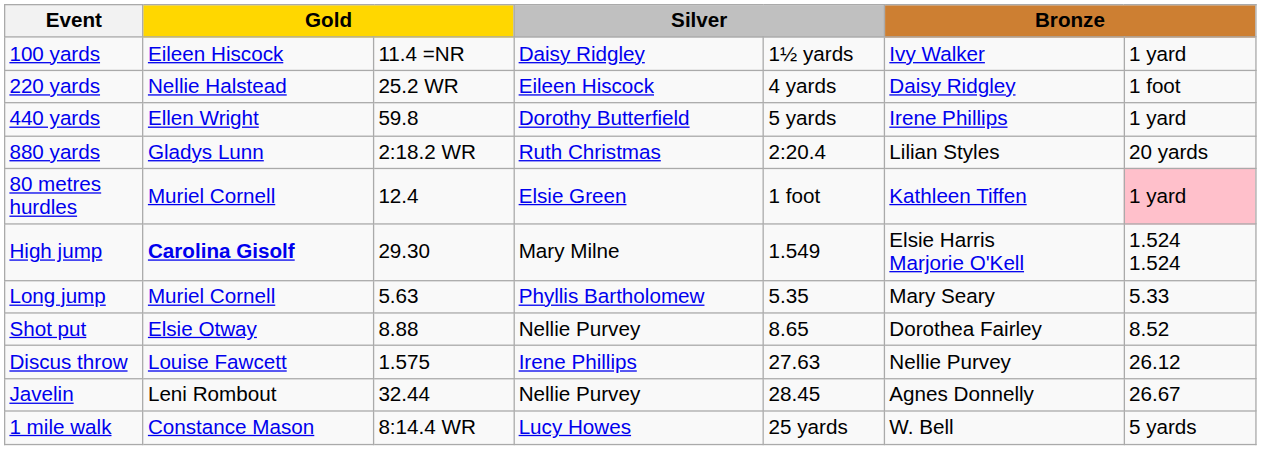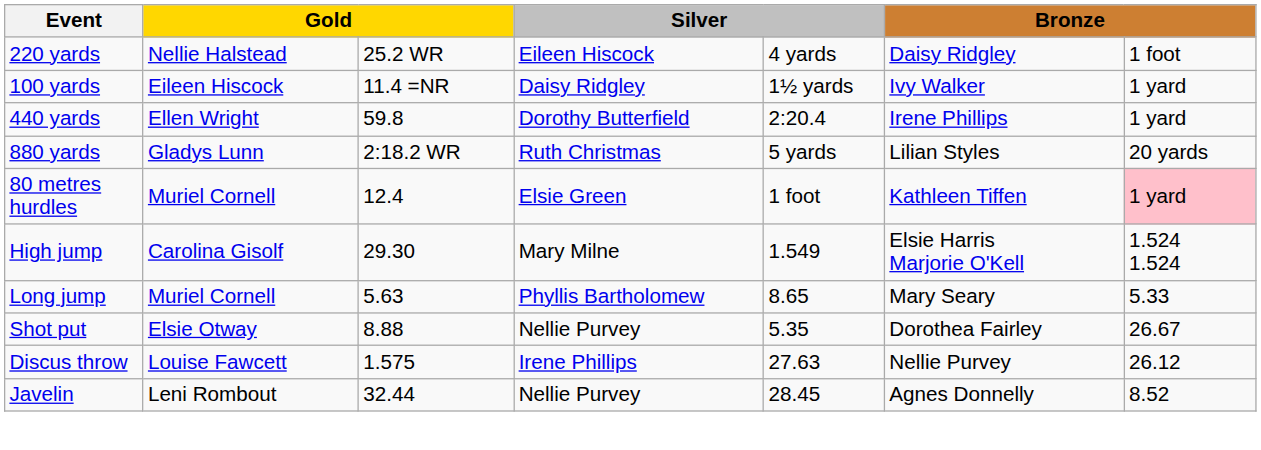 <table class="wikitable" style="text-align:left">
 <tr>
 <th width=100>Event</th>
 <th colspan="2" width="280" style="background:gold;">Gold</th>
 <th colspan="2" width="280" style="background:silver;">Silver</th>
 <th colspan="2" width="280" style="background:#CD7F32;">Bronze</th>
+</tr>
+<tr>
+<td><a href='#'>220 yards</a></td>
+<td><a href='#'>Nellie Halstead</a></td>
+<td>25.2 WR</td>
+<td><a href='#'>Eileen Hiscock</a></td>
+<td>4 yards</td>
+<td><a href='#'>Daisy Ridgley</a></td>
+<td>1 foot</td>
 </tr>
 <tr>
 <td><a href='#'>100 yards</a></td>
 <td><a href='#'>Eileen Hiscock</a></td>
 <td>11.4 =NR</td>
 <td><a href='#'>Daisy Ridgley</a></td>
 <td>1½ yards</td>
 <td><a href='#'>Ivy Walker</a></td>
 <td>1 yard</td>
 </tr>
 <tr>
-<td><a href='#'>220 yards</a></td>
-<td><a href='#'>Nellie Halstead</a></td>
-<td>25.2 WR</td>
-<td><a href='#'>Eileen Hiscock</a></td>
-<td>4 yards</td>
-<td><a href='#'>Daisy Ridgley</a></td>
-<td>1 foot</td>
-</tr>
-<tr>
 <td><a href='#'>440 yards</a></td>
 <td><a href='#'>Ellen Wright</a></td>
 <td>59.8</td>
 <td><a href='#'>Dorothy Butterfield</a></td>
-<td>5 yards</td>
+<td>2:20.4</td>
 <td><a href='#'>Irene Phillips</a></td>
 <td>1 yard</td>
 </tr>
 <tr>
 <td><a href='#'>880 yards</a></td>
 <td><a href='#'>Gladys Lunn</a></td>
 <td>2:18.2 WR</td>
 <td><a href='#'>Ruth Christmas</a></td>
-<td>2:20.4</td>
+<td>5 yards</td>
 <td>Lilian Styles</td>
 <td>20 yards</td>
 </tr>
 <tr>
 <td><a href='#'>80 metres hurdles</a></td>
 <td><a href='#'>Muriel Cornell</a></td>
 <td>12.4</td>
 <td><a href='#'>Elsie Green</a></td>
 <td>1 foot</td>
 <td><a href='#'>Kathleen Tiffen</a></td>
 <td style="background: pink;">1 yard</td>
 </tr>
 <tr>
 <td><a href='#'>High jump</a></td>
-<td><strong> <a href='#'>Carolina Gisolf</a></strong></td>
+<td> <a href='#'>Carolina Gisolf</a></td>
 <td>29.30</td>
 <td>Mary Milne</td>
 <td>1.549</td>
 <td>Elsie Harris<br><a href='#'>Marjorie O'Kell</a></td>
 <td>1.524<br>1.524</td>
 </tr>
 <tr>
 <td><a href='#'>Long jump</a></td>
 <td><a href='#'>Muriel Cornell</a></td>
 <td>5.63</td>
 <td><a href='#'>Phyllis Bartholomew</a></td>
-<td>5.35</td>
+<td>8.65</td>
 <td>Mary Seary</td>
 <td>5.33</td>
 </tr>
 <tr>
 <td><a href='#'>Shot put</a></td>
 <td><a href='#'>Elsie Otway</a></td>
 <td>8.88</td>
 <td>Nellie Purvey</td>
-<td>8.65</td>
+<td>5.35</td>
 <td>Dorothea Fairley</td>
-<td>8.52</td>
+<td>26.67</td>
 </tr>
 <tr>
 <td><a href='#'>Discus throw</a></td>
 <td><a href='#'>Louise Fawcett</a></td>
 <td>1.575</td>
 <td><a href='#'>Irene Phillips</a></td>
 <td>27.63</td>
 <td>Nellie Purvey</td>
 <td>26.12</td>
 </tr>
 <tr>
 <td><a href='#'>Javelin</a></td>
 <td> Leni Rombout</td>
 <td>32.44</td>
 <td>Nellie Purvey</td>
 <td>28.45</td>
 <td>Agnes Donnelly</td>
-<td>26.67</td>
-</tr>
-<tr>
-<td><a href='#'>1 mile walk</a></td>
-<td><a href='#'>Constance Mason</a></td>
-<td>8:14.4 WR</td>
-<td><a href='#'>Lucy Howes</a></td>
-<td>25 yards</td>
-<td>W. Bell</td>
-<td>5 yards</td>
+<td>8.52</td>
 </tr>
 </table>
